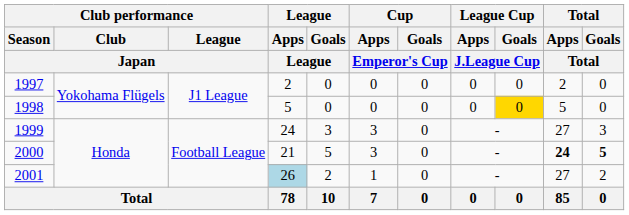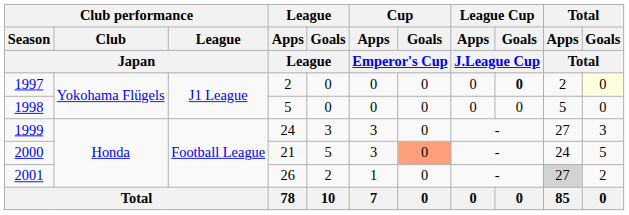 <table class="wikitable" style="text-align:center;">
 <tr>
 <th colspan=3>Club performance</th>
 <th colspan=2>League</th>
 <th colspan=2>Cup</th>
 <th colspan=2>League Cup</th>
 <th colspan=2>Total</th>
 </tr>
 <tr>
 <th>Season</th>
 <th>Club</th>
 <th>League</th>
 <th>Apps</th>
 <th>Goals</th>
 <th>Apps</th>
 <th>Goals</th>
 <th>Apps</th>
 <th>Goals</th>
 <th>Apps</th>
 <th>Goals</th>
 </tr>
 <tr>
 <th colspan=3>Japan</th>
 <th colspan=2>League</th>
 <th colspan=2><a href='#'>Emperor's Cup</a></th>
 <th colspan=2><a href='#'>J.League Cup</a></th>
 <th colspan=2>Total</th>
 </tr>
 <tr>
 <td><a href='#'>1997</a></td>
 <td rowspan="2"><a href='#'>Yokohama Flügels</a></td>
 <td rowspan="2"><a href='#'>J1 League</a></td>
 <td>2</td>
 <td>0</td>
 <td>0</td>
 <td>0</td>
 <td>0</td>
-<td>0</td>
+<td><strong>0</strong></td>
 <td>2</td>
-<td>0</td>
+<td style="background: lightyellow;">0</td>
 </tr>
 <tr>
 <td><a href='#'>1998</a></td>
 <td>5</td>
 <td>0</td>
 <td>0</td>
 <td>0</td>
 <td>0</td>
-<td style="background: gold;">0</td>
+<td>0</td>
 <td>5</td>
 <td>0</td>
 </tr>
 <tr>
 <td><a href='#'>1999</a></td>
 <td rowspan="3"><a href='#'>Honda</a></td>
 <td rowspan="3"><a href='#'>Football League</a></td>
 <td>24</td>
 <td>3</td>
 <td>3</td>
 <td>0</td>
 <td colspan="2">-</td>
 <td>27</td>
 <td>3</td>
 </tr>
 <tr>
 <td><a href='#'>2000</a></td>
 <td>21</td>
 <td>5</td>
 <td>3</td>
-<td>0</td>
+<td style="background: lightsalmon;">0</td>
 <td colspan="2">-</td>
-<td><strong>24</strong></td>
-<td><strong>5</strong></td>
+<td>24</td>
+<td>5</td>
 </tr>
 <tr>
 <td><a href='#'>2001</a></td>
-<td style="background: lightblue;">26</td>
+<td>26</td>
 <td>2</td>
 <td>1</td>
 <td>0</td>
 <td colspan="2">-</td>
-<td>27</td>
+<td style="background: lightgrey;">27</td>
 <td>2</td>
 </tr>
 <tr>
 <th colspan=3>Total</th>
 <th>78</th>
 <th>10</th>
 <th>7</th>
 <th>0</th>
 <th>0</th>
 <th>0</th>
 <th>85</th>
 <th>0</th>
 </tr>
 </table>
